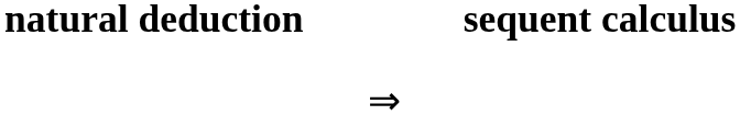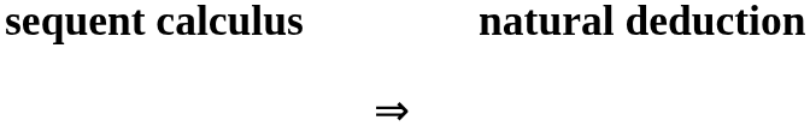 <table align="center">
 <tr>
+<th>sequent calculus</th>
+<td></td>
 <th>natural deduction</th>
-<td></td>
-<th>sequent calculus</th>
 </tr>
 <tr>
 <td><pre><br></td>
 <td width="20%" align="center">⇒</td>
 <td><pre><br></td>
 </tr>
 </table>
